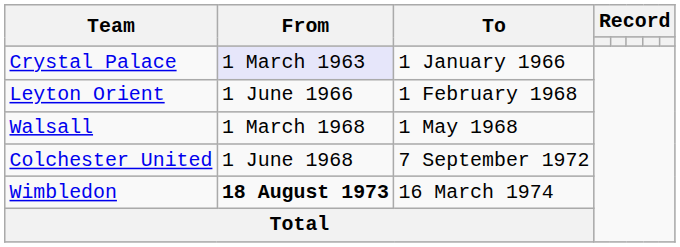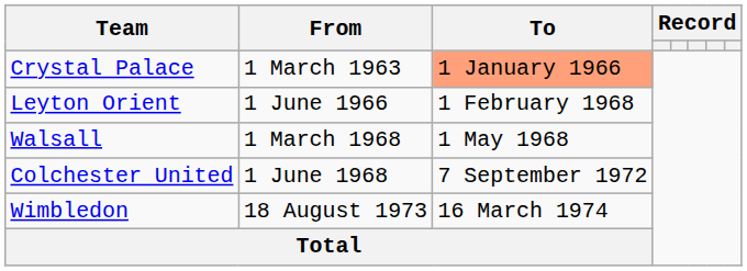 <table class=wikitable style="text-align: center">
 <tr>
 <th rowspan=2>Team</th>
 <th rowspan=2>From</th>
 <th rowspan=2>To</th>
 <th colspan=5>Record</th>
 </tr>
 <tr>
 <th></th>
 <th></th>
 <th></th>
 <th></th>
 <th></th>
 </tr>
 <tr>
 <td align=left><a href='#'>Crystal Palace</a></td>
-<td align=left style="background: lavender;">1 March 1963</td>
-<td align=left>1 January 1966<br></td>
+<td align=left>1 March 1963</td>
+<td align=left style="background: lightsalmon;">1 January 1966<br></td>
 </tr>
 <tr>
 <td align=left><a href='#'>Leyton Orient</a></td>
 <td align=left>1 June 1966</td>
 <td align=left>1 February 1968<br></td>
 </tr>
 <tr>
 <td align=left><a href='#'>Walsall</a></td>
 <td align=left>1 March 1968</td>
 <td align=left>1 May 1968<br></td>
 </tr>
 <tr>
 <td align=left><a href='#'>Colchester United</a></td>
 <td align=left>1 June 1968</td>
 <td align=left>7 September 1972<br></td>
 </tr>
 <tr>
 <td align=left><a href='#'>Wimbledon</a></td>
-<td align=left><strong>18 August 1973</strong></td>
+<td align=left>18 August 1973</td>
 <td align=left>16 March 1974<br></td>
 </tr>
 <tr>
 <th colspan=3>Total<br></th>
 </tr>
 </table>
